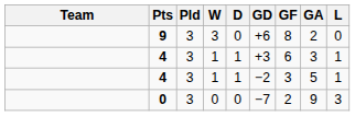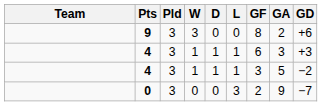 <table class="wikitable" style="text-align: center;">
 <tr>
 <th width=165>Team</th>
 <th width=20>Pts</th>
 <th width=20>Pld</th>
 <th width=20>W</th>
 <th width=20>D</th>
-<th width=20>GD</th>
+<th width=20>L</th>
 <th width=20>GF</th>
 <th width=20>GA</th>
-<th width=20>L</th>
+<th width=20>GD</th>
 </tr>
 <tr>
 <td style="text-align:left;"><strong></strong></td>
 <td><strong>9</strong></td>
 <td>3</td>
 <td>3</td>
 <td>0</td>
-<td>+6</td>
+<td>0</td>
 <td>8</td>
 <td>2</td>
-<td>0</td>
+<td>+6</td>
 </tr>
 <tr>
 <td style="text-align:left;"></td>
 <td><strong>4</strong></td>
 <td>3</td>
 <td>1</td>
 <td>1</td>
-<td>+3</td>
+<td>1</td>
 <td>6</td>
 <td>3</td>
-<td>1</td>
+<td>+3</td>
 </tr>
 <tr>
 <td style="text-align:left;"></td>
 <td><strong>4</strong></td>
 <td>3</td>
 <td>1</td>
 <td>1</td>
-<td>−2</td>
+<td>1</td>
 <td>3</td>
 <td>5</td>
-<td>1</td>
+<td>−2</td>
 </tr>
 <tr>
 <td style="text-align:left;"></td>
 <td><strong>0</strong></td>
 <td>3</td>
 <td>0</td>
 <td>0</td>
-<td>−7</td>
+<td>3</td>
 <td>2</td>
 <td>9</td>
-<td>3</td>
+<td>−7</td>
 </tr>
 </table>
